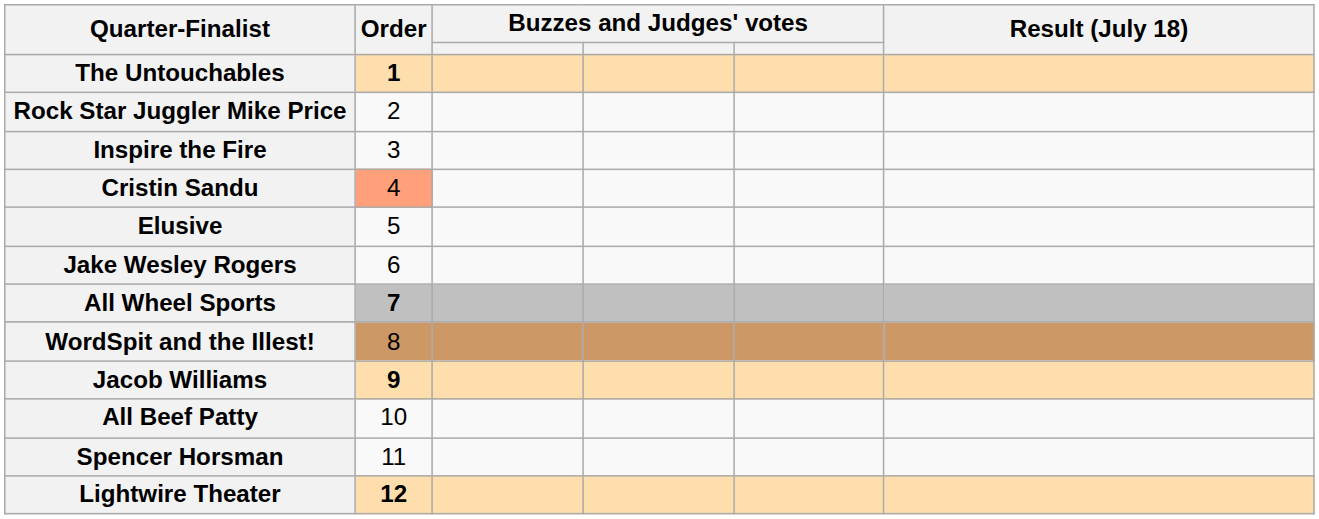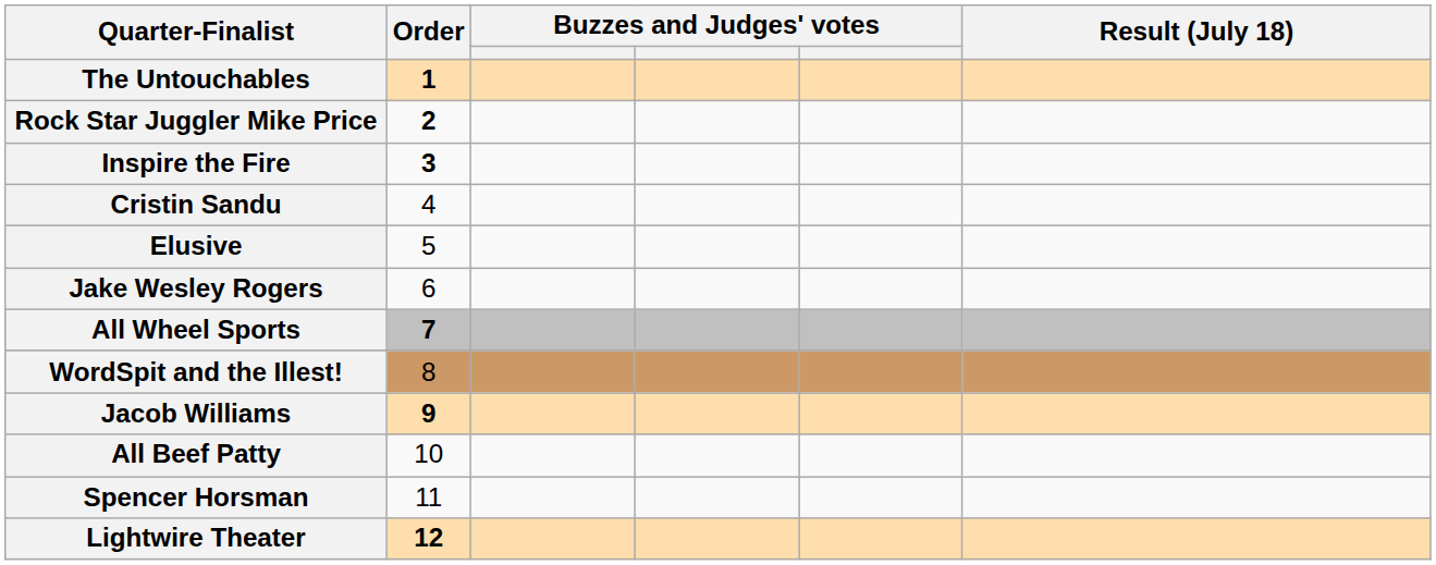 <table class="wikitable plainrowheaders sortable" style="text-align:center;">
 <tr>
 <th scope="col" rowspan="2" class="unsortable" style="width:17em;">Quarter-Finalist</th>
 <th scope="col" rowspan="2" style="width:1em;">Order</th>
 <th scope="col" colspan="3" class="unsortable" style="width:24em;">Buzzes and Judges' votes</th>
 <th scope="col" rowspan="2" style="width:23em;">Result (July 18)</th>
 </tr>
 <tr>
 <th scope="col" class="unsortable" style="width:6em;"></th>
 <th scope="col" class="unsortable" style="width:6em;"></th>
 <th scope="col" class="unsortable" style="width:6em;"></th>
 </tr>
 <tr style="background:NavajoWhite;">
 <th scope="row"><strong>The Untouchables</strong></th>
 <td><strong>1</strong></td>
 <td style="text-align:center;"></td>
 <td style="text-align:center;"></td>
 <td style="text-align:center;"></td>
 <td><strong></strong></td>
 </tr>
 <tr>
 <th scope="row">Rock Star Juggler Mike Price</th>
-<td>2</td>
+<td><strong>2</strong></td>
 <td style="text-align:center;"></td>
 <td style="text-align:center;"></td>
 <td style="text-align:center;"></td>
 <td></td>
 </tr>
 <tr>
 <th scope="row">Inspire the Fire</th>
-<td>3</td>
+<td><strong>3</strong></td>
 <td style="text-align:center;"></td>
 <td style="text-align:center;"></td>
 <td style="text-align:center;"></td>
 <td></td>
 </tr>
 <tr>
 <th scope="row">Cristin Sandu</th>
-<td style="background: lightsalmon;">4</td>
+<td>4</td>
 <td style="text-align:center;"></td>
 <td style="text-align:center;"></td>
 <td style="text-align:center;"></td>
 <td></td>
 </tr>
 <tr>
 <th scope="row">Elusive</th>
 <td>5</td>
 <td style="text-align:center;"></td>
 <td style="text-align:center;"></td>
 <td style="text-align:center;"></td>
 <td></td>
 </tr>
 <tr>
 <th scope="row">Jake Wesley Rogers</th>
 <td>6</td>
 <td style="text-align:center;"></td>
 <td style="text-align:center;"></td>
 <td style="text-align:center;"></td>
 <td></td>
 </tr>
 <tr style="background:silver;">
 <th scope="row"><strong>All Wheel Sports</strong></th>
 <td><strong>7</strong></td>
 <td style="text-align:center;"></td>
 <td style="text-align:center;"></td>
 <td style="text-align:center;"></td>
 <td><strong></strong></td>
 </tr>
 <tr style="background:#c96;">
 <th scope="row">WordSpit and the Illest!</th>
 <td>8</td>
 <td style="text-align:center;"></td>
 <td style="text-align:center;"></td>
 <td style="text-align:center;"></td>
 <td></td>
 </tr>
 <tr style="background:NavajoWhite;">
 <th scope="row"><strong>Jacob Williams</strong></th>
 <td><strong>9</strong></td>
 <td style="text-align:center;"></td>
 <td style="text-align:center;"></td>
 <td style="text-align:center;"></td>
 <td><strong></strong></td>
 </tr>
 <tr>
 <th scope="row">All Beef Patty</th>
 <td>10</td>
 <td style="text-align:center;"></td>
 <td style="text-align:center;"></td>
 <td style="text-align:center;"></td>
 <td></td>
 </tr>
 <tr>
 <th scope="row">Spencer Horsman</th>
 <td>11</td>
 <td style="text-align:center;"></td>
 <td style="text-align:center;"></td>
 <td style="text-align:center;"></td>
 <td></td>
 </tr>
 <tr style="background:NavajoWhite;">
 <th scope="row"><strong>Lightwire Theater</strong></th>
 <td><strong>12</strong></td>
 <td style="text-align:center;"></td>
 <td style="text-align:center;"></td>
 <td style="text-align:center;"></td>
 <td><strong></strong></td>
 </tr>
 </table>
